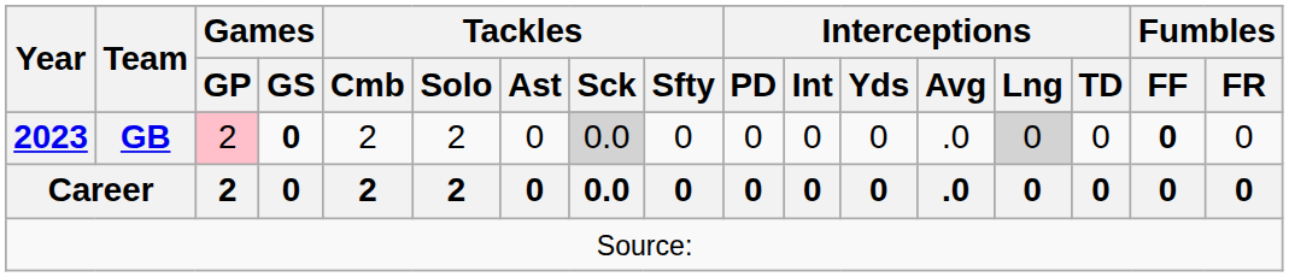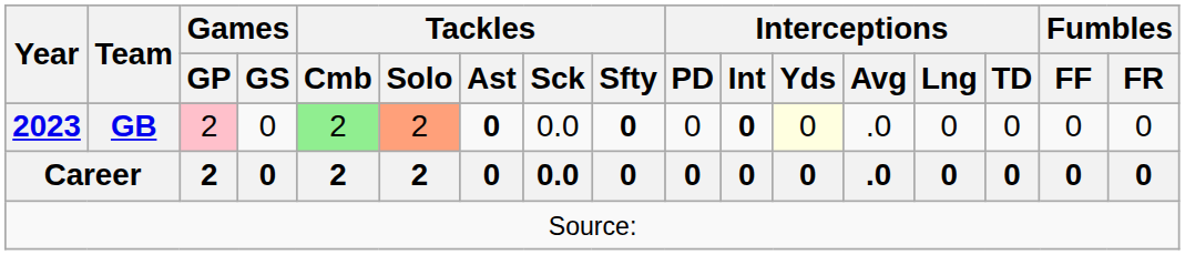 <table class="wikitable" style="text-align: center;">
 <tr>
 <th rowspan="2">Year</th>
 <th rowspan="2">Team</th>
 <th colspan="2">Games</th>
 <th colspan="5">Tackles</th>
 <th colspan="6">Interceptions</th>
 <th colspan="2">Fumbles</th>
 </tr>
 <tr>
 <th>GP</th>
 <th>GS</th>
 <th>Cmb</th>
 <th>Solo</th>
 <th>Ast</th>
 <th>Sck</th>
 <th>Sfty</th>
 <th>PD</th>
 <th>Int</th>
 <th>Yds</th>
 <th>Avg</th>
 <th>Lng</th>
 <th>TD</th>
 <th>FF</th>
 <th>FR</th>
 </tr>
 <tr>
 <th><a href='#'>2023</a></th>
 <th><a href='#'>GB</a></th>
 <td style="background: pink;">2</td>
+<td>0</td>
+<td style="background: lightgreen;">2</td>
+<td style="background: lightsalmon;">2</td>
 <td><strong>0</strong></td>
-<td>2</td>
-<td>2</td>
+<td>0.0</td>
+<td><strong>0</strong></td>
 <td>0</td>
-<td style="background: lightgrey;">0.0</td>
+<td><strong>0</strong></td>
+<td style="background: lightyellow;">0</td>
+<td>.0</td>
 <td>0</td>
 <td>0</td>
 <td>0</td>
-<td>0</td>
-<td>.0</td>
-<td style="background: lightgrey;">0</td>
-<td>0</td>
-<td><strong>0</strong></td>
 <td>0</td>
 </tr>
 <tr>
 <th colspan="2">Career</th>
 <th>2</th>
 <th>0</th>
 <th>2</th>
 <th>2</th>
 <th>0</th>
 <th>0.0</th>
 <th>0</th>
 <th>0</th>
 <th>0</th>
 <th>0</th>
 <th>.0</th>
 <th>0</th>
 <th>0</th>
 <th>0</th>
 <th>0</th>
 </tr>
 <tr>
 <td colspan="17"><small>Source: </small></td>
 </tr>
 </table>
